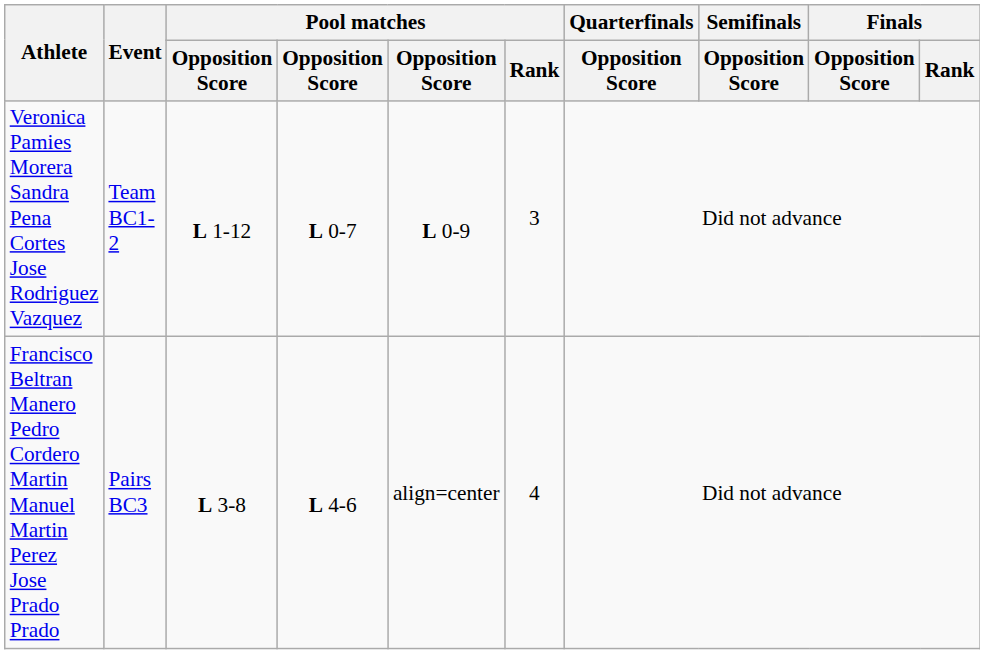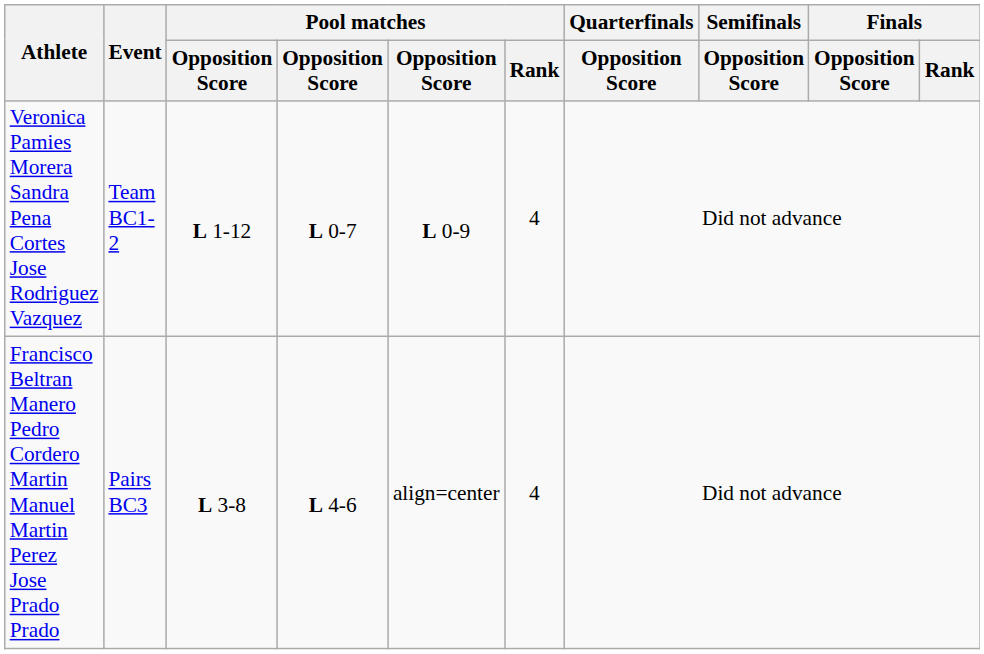 <table class=wikitable style="font-size:90%">
 <tr>
 <th rowspan="2">Athlete</th>
 <th rowspan="2">Event</th>
 <th colspan="4">Pool matches</th>
 <th>Quarterfinals</th>
 <th>Semifinals</th>
 <th colspan="2">Finals</th>
 </tr>
 <tr>
 <th>Opposition<br>Score</th>
 <th>Opposition<br>Score</th>
 <th>Opposition<br>Score</th>
 <th>Rank</th>
 <th>Opposition<br>Score</th>
 <th>Opposition<br>Score</th>
 <th>Opposition<br>Score</th>
 <th>Rank</th>
 </tr>
 <tr>
 <td align=left><a href='#'>Veronica Pamies Morera</a><br><a href='#'>Sandra Pena Cortes</a><br> <a href='#'>Jose Rodriguez Vazquez</a></td>
 <td align=left><a href='#'>Team BC1-2</a></td>
 <td align=center><br><strong>L</strong> 1-12</td>
 <td align=center><br><strong>L</strong> 0-7</td>
 <td align=center><br><strong>L</strong> 0-9</td>
-<td align=center>3</td>
+<td align=center>4</td>
 <td align=center colspan=4>Did not advance</td>
 </tr>
 <tr>
 <td align=left><a href='#'>Francisco Beltran Manero</a><br> <a href='#'>Pedro Cordero Martin</a><br> <a href='#'>Manuel Martin Perez</a><br> <a href='#'>Jose Prado Prado</a></td>
 <td align=left><a href='#'>Pairs BC3</a></td>
 <td align=center><br><strong>L</strong> 3-8</td>
 <td align=center><br><strong>L</strong> 4-6</td>
 <td>align=center </td>
 <td align=center>4</td>
 <td align=center colspan=4>Did not advance</td>
 </tr>
 </table>
